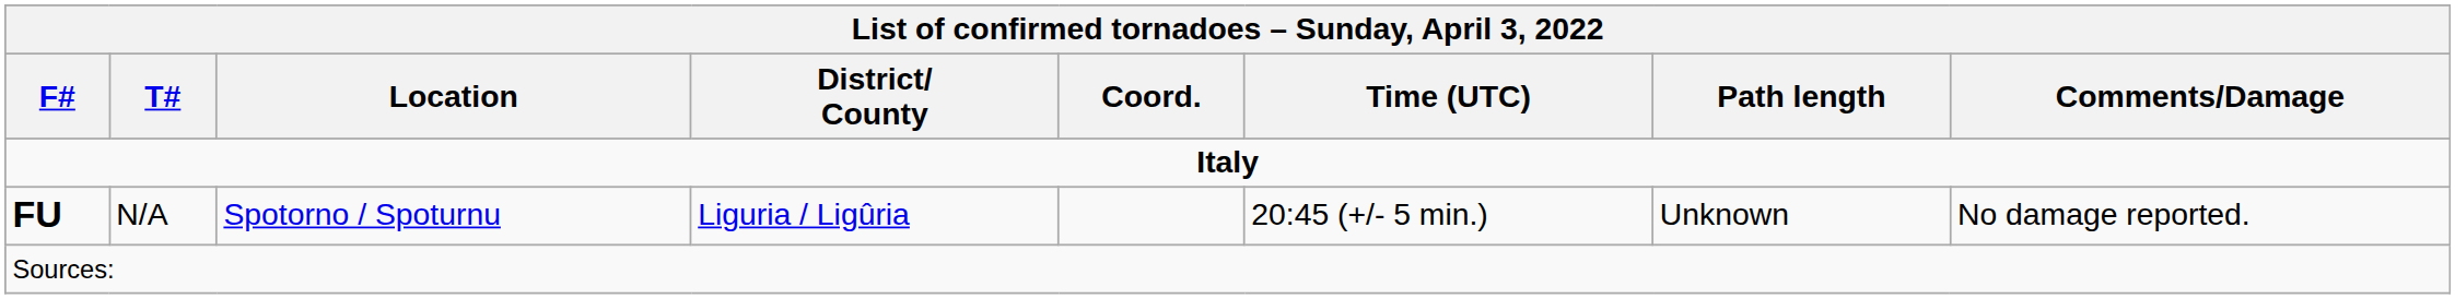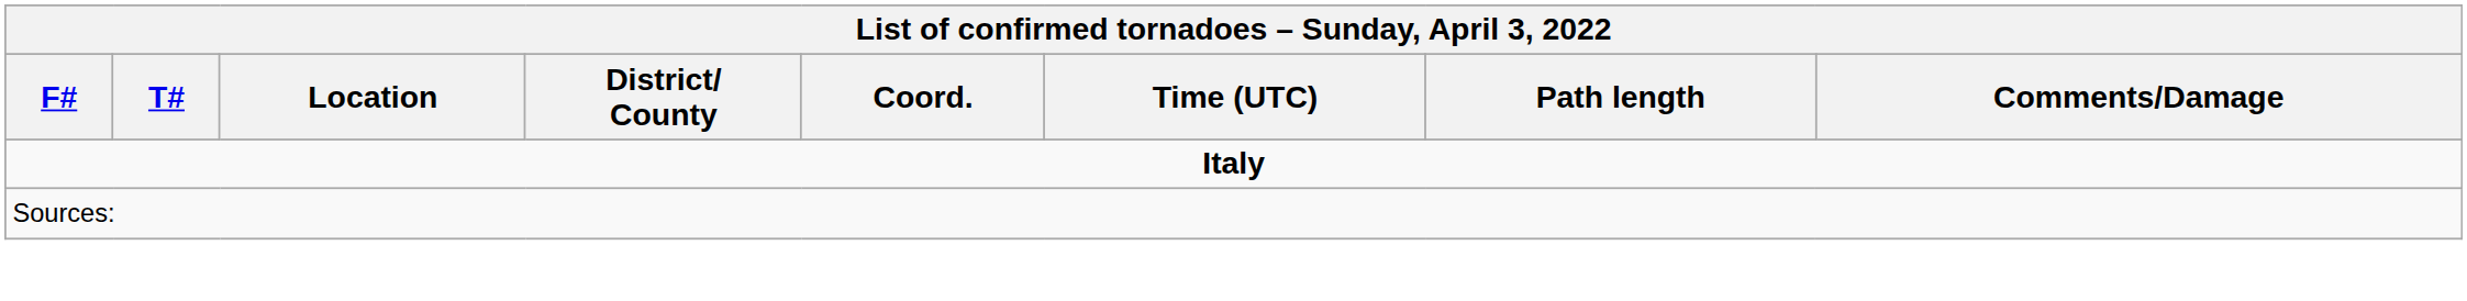 <table class="wikitable collapsible" width="100%">
 <tr>
 <th colspan="8">List of confirmed tornadoes – Sunday, April 3, 2022</th>
 </tr>
 <tr>
 <th><a href='#'>F#</a></th>
 <th><a href='#'>T#</a></th>
 <th>Location</th>
 <th>District/<br>County</th>
 <th>Coord.</th>
 <th>Time (UTC)</th>
 <th>Path length</th>
 <th>Comments/Damage</th>
 </tr>
 <tr>
 <td colspan="8" align=center><strong>Italy</strong></td>
 </tr>
 <tr>
-<td><big><strong>FU</strong></big></td>
-<td>N/A</td>
-<td><a href='#'>Spotorno / Spoturnu</a></td>
-<td><a href='#'>Liguria / Ligûria</a></td>
-<td></td>
-<td>20:45 (+/- 5 min.)</td>
-<td>Unknown</td>
-<td>No damage reported.</td>
-</tr>
-<tr>
 <td colspan="8"><small>Sources:  </small></td>
 </tr>
 </table>
